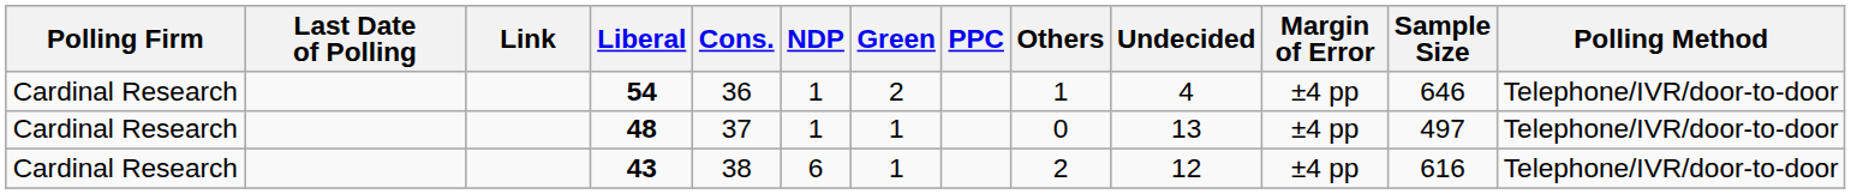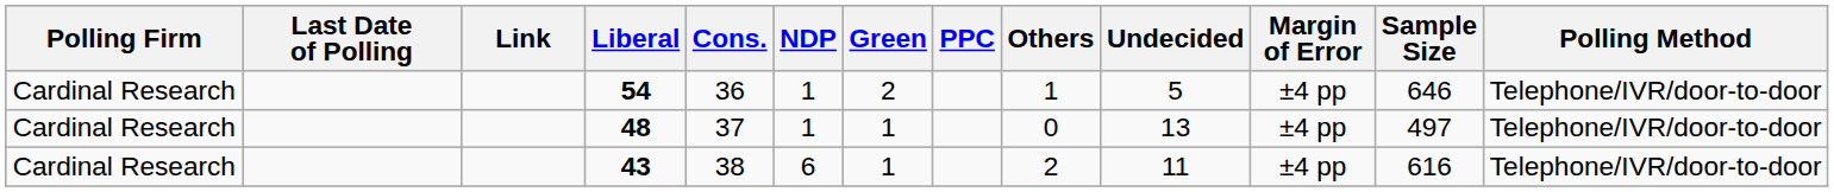 <table class="wikitable sortable" style="text-align:center;font-size:90%;line-height:14px;">
 <tr style="background:#e9e9e9;">
 <th style="width:120px">Polling Firm</th>
 <th style="width:110px">Last Date<br>of Polling</th>
 <th style="width:60px" class="unsortable">Link</th>
 <th style="background-color:"><a href='#'>Liberal</a></th>
 <th style="background-color:"><a href='#'>Cons.</a></th>
 <th style="background-color:"><a href='#'>NDP</a></th>
 <th style="background-color:"><a href='#'>Green</a></th>
 <th style="background-color:"><a href='#'><span>PPC</span></a></th>
 <th style="background-color:">Others</th>
 <th style="background-color:">Undecided</th>
 <th style="width:60px;" class=unsortable>Margin<br>of Error</th>
 <th style="width:50px;" class=unsortable>Sample<br>Size</th>
 <th class=unsortable>Polling Method</th>
 </tr>
 <tr>
 <td>Cardinal Research</td>
 <td></td>
 <td></td>
 <td><strong>54</strong></td>
 <td>36</td>
 <td>1</td>
 <td>2</td>
 <td></td>
 <td>1</td>
-<td>4</td>
+<td>5</td>
 <td>±4 pp</td>
 <td>646</td>
 <td>Telephone/IVR/door-to-door</td>
 </tr>
 <tr>
 <td>Cardinal Research</td>
 <td></td>
 <td></td>
 <td><strong>48</strong></td>
 <td>37</td>
 <td>1</td>
 <td>1</td>
 <td></td>
 <td>0</td>
 <td>13</td>
 <td>±4 pp</td>
 <td>497</td>
 <td>Telephone/IVR/door-to-door</td>
 </tr>
 <tr>
 <td>Cardinal Research</td>
 <td></td>
 <td></td>
 <td><strong>43</strong></td>
 <td>38</td>
 <td>6</td>
 <td>1</td>
 <td></td>
 <td>2</td>
-<td>12</td>
+<td>11</td>
 <td>±4 pp</td>
 <td>616</td>
 <td>Telephone/IVR/door-to-door</td>
 </tr>
 </table>
